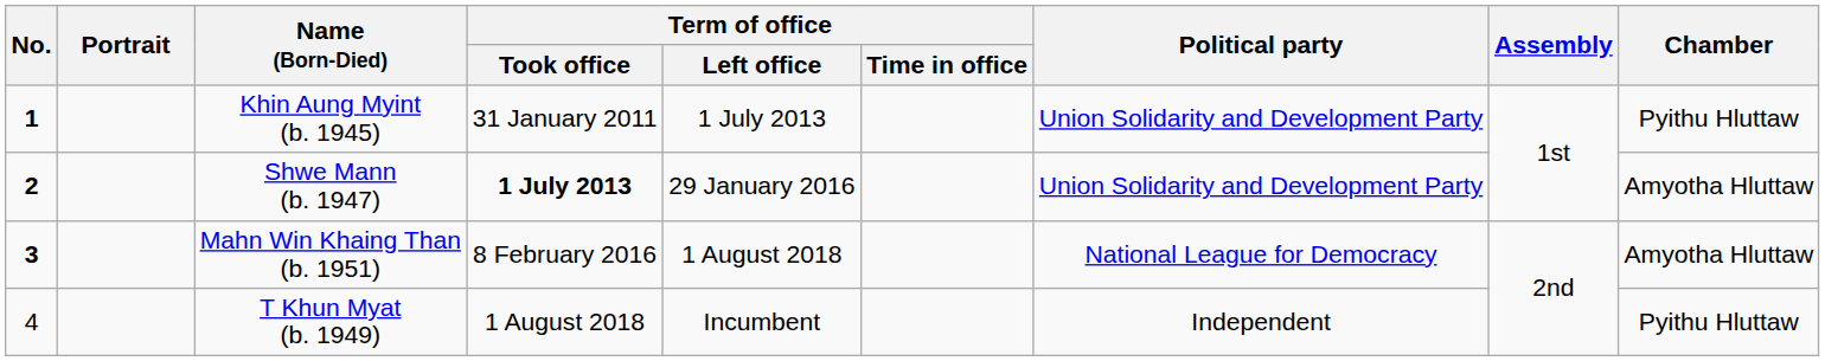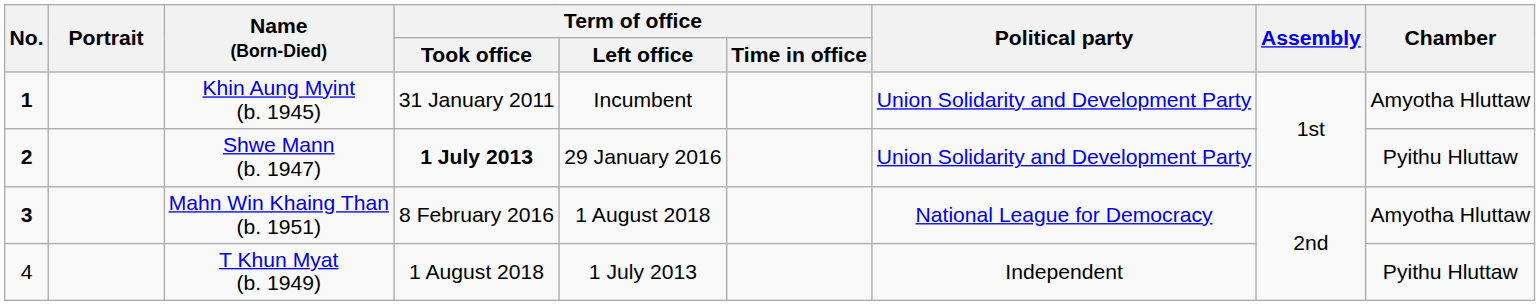 <table class="wikitable" style="text-align:center;">
 <tr>
 <th rowspan=2>No.</th>
 <th width=80 rowspan=2>Portrait</th>
 <th rowspan=2>Name<br><small>(Born-Died)</small></th>
 <th colspan=3>Term of office</th>
 <th rowspan=2>Political party</th>
 <th rowspan=2><a href='#'>Assembly</a></th>
 <th rowspan="2">Chamber</th>
 </tr>
 <tr>
 <th>Took office</th>
 <th>Left office</th>
 <th>Time in office</th>
 </tr>
 <tr>
 <td style="background:"><strong>1</strong></td>
 <td></td>
 <td><a href='#'>Khin Aung Myint</a> <br> (b. 1945)</td>
 <td>31 January 2011</td>
-<td>1 July 2013</td>
+<td>Incumbent</td>
 <td></td>
 <td><a href='#'>Union Solidarity and Development Party</a></td>
 <td rowspan="2">1st</td>
-<td>Pyithu Hluttaw</td>
+<td>Amyotha Hluttaw</td>
 </tr>
 <tr>
 <td style="background:"><strong>2</strong></td>
 <td></td>
 <td><a href='#'>Shwe Mann</a> <br> (b. 1947)</td>
 <td><strong>1 July 2013</strong></td>
 <td>29 January 2016</td>
 <td></td>
 <td><a href='#'>Union Solidarity and Development Party</a></td>
-<td>Amyotha Hluttaw</td>
+<td>Pyithu Hluttaw</td>
 </tr>
 <tr>
 <td style="background:"><strong>3</strong></td>
 <td></td>
 <td><a href='#'>Mahn Win Khaing Than</a> <br> (b. 1951)</td>
 <td>8 February 2016</td>
 <td>1 August 2018</td>
 <td></td>
 <td><a href='#'>National League for Democracy</a></td>
 <td rowspan="2">2nd</td>
 <td>Amyotha Hluttaw</td>
 </tr>
 <tr>
 <td style="background:; colour:white">4</td>
 <td></td>
 <td><a href='#'>T Khun Myat</a> <br> (b. 1949)</td>
 <td>1 August 2018</td>
-<td>Incumbent</td>
+<td>1 July 2013</td>
 <td></td>
 <td>Independent</td>
 <td>Pyithu Hluttaw</td>
 </tr>
 </table>
